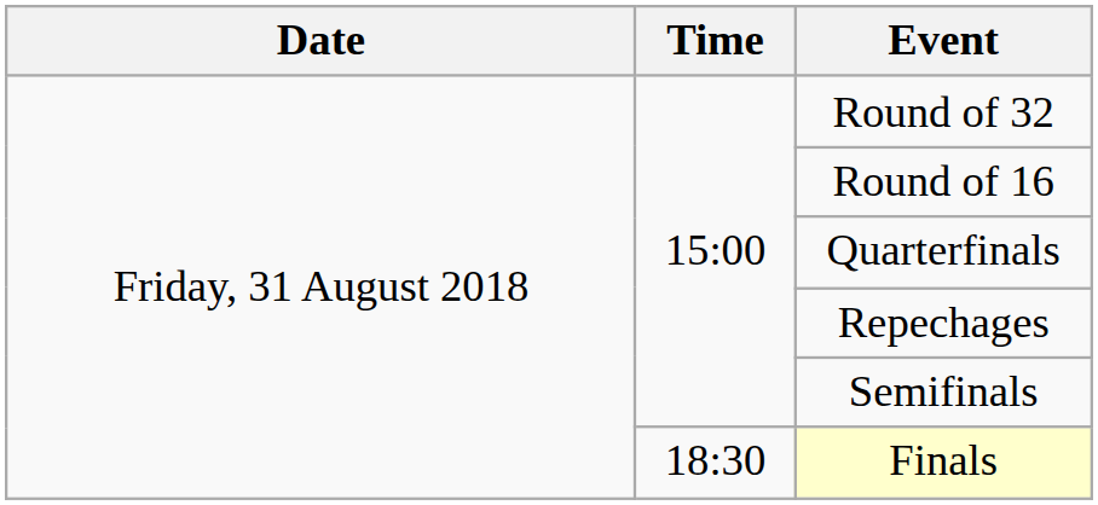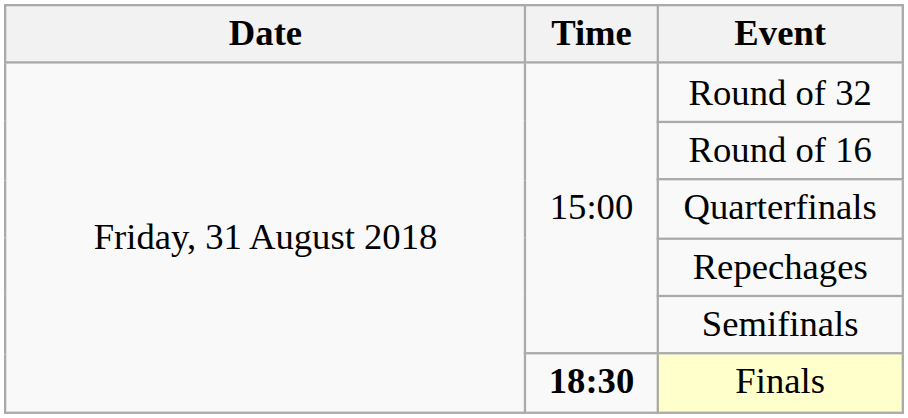 <table class = "wikitable" style="text-align:center;">
 <tr>
 <th width=220>Date</th>
 <th width=50>Time</th>
 <th width=100>Event</th>
 </tr>
 <tr>
 <td rowspan=6>Friday, 31 August 2018</td>
 <td rowspan=5>15:00</td>
 <td>Round of 32</td>
 </tr>
 <tr>
 <td>Round of 16</td>
 </tr>
 <tr>
 <td>Quarterfinals</td>
 </tr>
 <tr>
 <td>Repechages</td>
 </tr>
 <tr>
 <td>Semifinals</td>
 </tr>
 <tr>
-<td>18:30</td>
+<td><strong>18:30</strong></td>
 <td bgcolor=ffffcc>Finals</td>
 </tr>
 </table>
